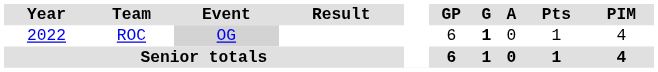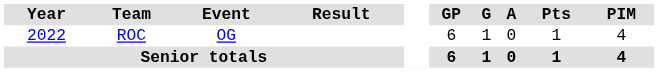 <table border="0" cellpadding="1" cellspacing="0" style="text-align:center; width:40em">
 <tr ALIGN="center" bgcolor="#e0e0e0">
 <th>Year</th>
 <th>Team</th>
 <th>Event</th>
 <th>Result</th>
 <th rowspan="99" bgcolor="#ffffff"> </th>
 <th>GP</th>
 <th>G</th>
 <th>A</th>
 <th>Pts</th>
 <th>PIM</th>
 </tr>
 <tr>
 <td><a href='#'>2022</a></td>
 <td><a href='#'>ROC</a></td>
-<td style="background: lightgrey;"><a href='#'>OG</a></td>
+<td><a href='#'>OG</a></td>
 <td></td>
 <td>6</td>
-<td><strong>1</strong></td>
+<td>1</td>
 <td>0</td>
 <td>1</td>
 <td>4</td>
 </tr>
 <tr bgcolor="#e0e0e0">
 <th colspan="4">Senior totals</th>
 <th>6</th>
 <th>1</th>
 <th>0</th>
 <th>1</th>
 <th>4</th>
 </tr>
 </table>
